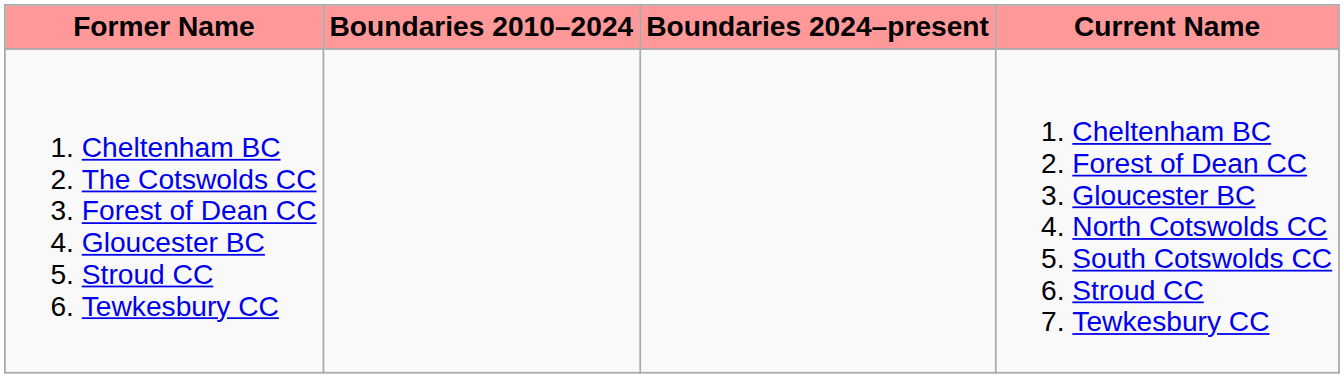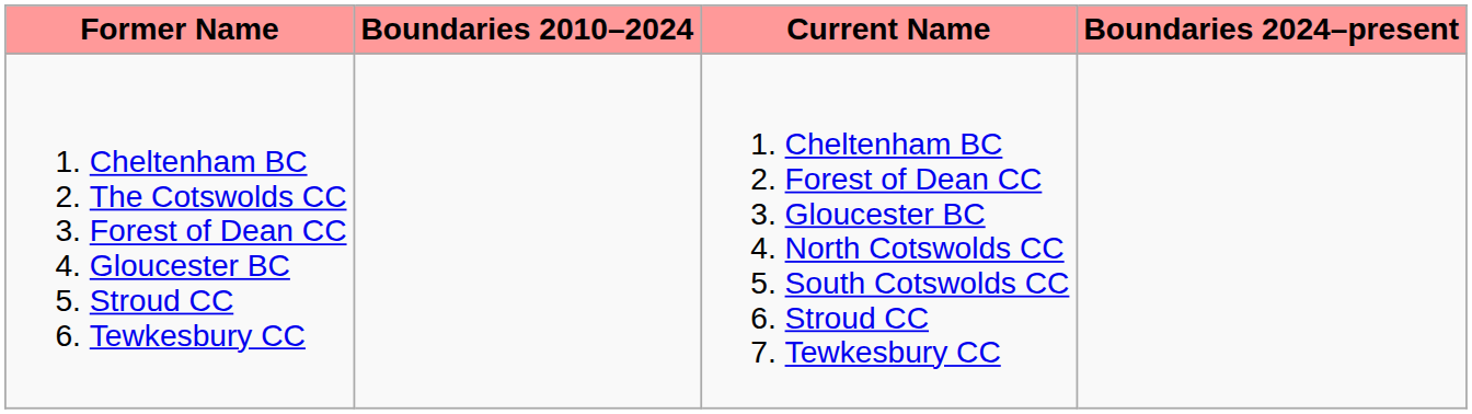 <table class="wikitable">
 <tr>
 <th style="background-color:#ff9999">Former Name</th>
 <th style="background-color:#ff9999">Boundaries 2010–2024</th>
+<th style="background-color:#ff9999">Current Name</th>
 <th style="background-color:#ff9999">Boundaries 2024–present</th>
-<th style="background-color:#ff9999">Current Name</th>
 </tr>
 <tr>
 <td><br><ol><li><a href='#'>Cheltenham BC</a></li><li><a href='#'>The Cotswolds CC</a></li><li><a href='#'>Forest of Dean CC</a></li><li><a href='#'>Gloucester BC</a></li><li><a href='#'>Stroud CC</a></li><li><a href='#'>Tewkesbury CC</a></li></ol></td>
 <td></td>
+<td><br><ol><li><a href='#'>Cheltenham BC</a></li><li><a href='#'>Forest of Dean CC</a></li><li><a href='#'>Gloucester BC</a></li><li><a href='#'>North Cotswolds CC</a></li><li><a href='#'>South Cotswolds CC</a></li><li><a href='#'>Stroud CC</a></li><li><a href='#'>Tewkesbury CC</a></li></ol></td>
 <td><br></td>
-<td><br><ol><li><a href='#'>Cheltenham BC</a></li><li><a href='#'>Forest of Dean CC</a></li><li><a href='#'>Gloucester BC</a></li><li><a href='#'>North Cotswolds CC</a></li><li><a href='#'>South Cotswolds CC</a></li><li><a href='#'>Stroud CC</a></li><li><a href='#'>Tewkesbury CC</a></li></ol></td>
 </tr>
 </table>
